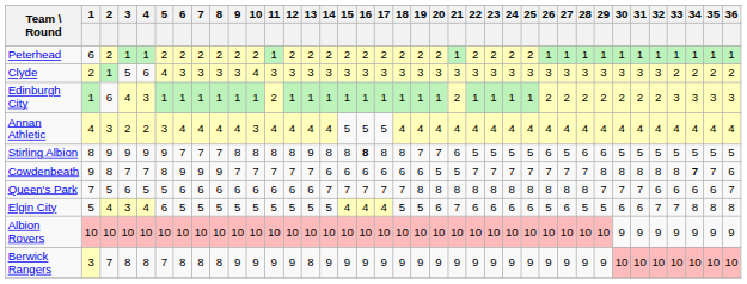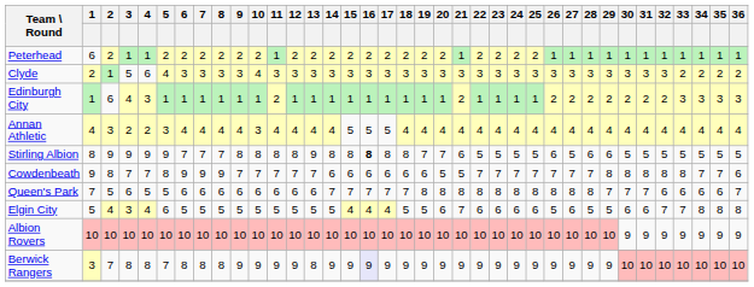 <table class="wikitable sortable" style="font-size: 85%; text-align:center;">
 <tr>
 <th rowspan="2">Team \ Round</th>
 <th align=center>1</th>
 <th align=center>2</th>
 <th align=center>3</th>
 <th align=center>4</th>
 <th align=center>5</th>
 <th align=center>6</th>
 <th align=center>7</th>
 <th align=center>8</th>
 <th align=center>9</th>
 <th align=center>10</th>
 <th align=center>11</th>
 <th align=center>12</th>
 <th align=center>13</th>
 <th align=center>14</th>
 <th align=center>15</th>
 <th align=center>16</th>
 <th align=center>17</th>
 <th align=center>18</th>
 <th align=center>19</th>
 <th align=center>20</th>
 <th align=center>21</th>
 <th align=center>22</th>
 <th align=center>23</th>
 <th align=center>24</th>
 <th align=center>25</th>
 <th align=center>26</th>
 <th align=center>27</th>
 <th align=center>28</th>
 <th align=center>29</th>
 <th align=center>30</th>
 <th align=center>31</th>
 <th align=center>32</th>
 <th align=center>33</th>
 <th align=center>34</th>
 <th align=center>35</th>
 <th align=center>36</th>
 </tr>
 <tr>
 <th style="text-align:center; height:20px;"></th>
 <th align=center></th>
 <th align=center></th>
 <th align=center></th>
 <th align=center></th>
 <th align=center></th>
 <th align=center></th>
 <th align=center></th>
 <th align=center></th>
 <th align=center></th>
 <th align=center></th>
 <th align=center></th>
 <th align=center></th>
 <th align=center></th>
 <th align=center></th>
 <th align=center></th>
 <th align=center></th>
 <th align=center></th>
 <th align=center></th>
 <th align=center></th>
 <th align=center></th>
 <th align=center></th>
 <th align=center></th>
 <th align=center></th>
 <th align=center></th>
 <th align=center></th>
 <th align=center></th>
 <th align=center></th>
 <th align=center></th>
 <th align=center></th>
 <th align=center></th>
 <th align=center></th>
 <th align=center></th>
 <th align=center></th>
 <th align=center></th>
 <th align=center></th>
 </tr>
 <tr align=center>
 <td align=left><a href='#'>Peterhead</a></td>
 <td>6</td>
 <td style="background:#FFFFBB">2</td>
 <td style="background:#BBF3BB">1</td>
 <td style="background:#BBF3BB">1</td>
 <td style="background:#FFFFBB">2</td>
 <td style="background:#FFFFBB">2</td>
 <td style="background:#FFFFBB">2</td>
 <td style="background:#FFFFBB">2</td>
 <td style="background:#FFFFBB">2</td>
 <td style="background:#FFFFBB">2</td>
 <td style="background:#BBF3BB">1</td>
 <td style="background:#FFFFBB">2</td>
 <td style="background:#FFFFBB">2</td>
 <td style="background:#FFFFBB">2</td>
 <td style="background:#FFFFBB">2</td>
 <td style="background:#FFFFBB">2</td>
 <td style="background:#FFFFBB">2</td>
 <td style="background:#FFFFBB">2</td>
 <td style="background:#FFFFBB">2</td>
 <td style="background:#FFFFBB">2</td>
 <td style="background:#BBF3BB">1</td>
 <td style="background:#FFFFBB">2</td>
 <td style="background:#FFFFBB">2</td>
 <td style="background:#FFFFBB">2</td>
 <td style="background:#FFFFBB">2</td>
 <td style="background:#BBF3BB">1</td>
 <td style="background:#BBF3BB">1</td>
 <td style="background:#BBF3BB">1</td>
 <td style="background:#BBF3BB">1</td>
 <td style="background:#BBF3BB">1</td>
 <td style="background:#BBF3BB">1</td>
 <td style="background:#BBF3BB">1</td>
 <td style="background:#BBF3BB">1</td>
 <td style="background:#BBF3BB">1</td>
 <td style="background:#BBF3BB">1</td>
 <td style="background:#BBF3BB">1</td>
 </tr>
 <tr align=center>
 <td align=left><a href='#'>Clyde</a></td>
 <td style="background:#FFFFBB">2</td>
 <td style="background:#BBF3BB">1</td>
 <td>5</td>
 <td>6</td>
 <td style="background:#FFFFBB">4</td>
 <td style="background:#FFFFBB">3</td>
 <td style="background:#FFFFBB">3</td>
 <td style="background:#FFFFBB">3</td>
 <td style="background:#FFFFBB">3</td>
 <td style="background:#FFFFBB">4</td>
 <td style="background:#FFFFBB">3</td>
 <td style="background:#FFFFBB">3</td>
 <td style="background:#FFFFBB">3</td>
 <td style="background:#FFFFBB">3</td>
 <td style="background:#FFFFBB">3</td>
 <td style="background:#FFFFBB">3</td>
 <td style="background:#FFFFBB">3</td>
 <td style="background:#FFFFBB">3</td>
 <td style="background:#FFFFBB">3</td>
 <td style="background:#FFFFBB">3</td>
 <td style="background:#FFFFBB">3</td>
 <td style="background:#FFFFBB">3</td>
 <td style="background:#FFFFBB">3</td>
 <td style="background:#FFFFBB">3</td>
 <td style="background:#FFFFBB">3</td>
 <td style="background:#FFFFBB">3</td>
 <td style="background:#FFFFBB">3</td>
 <td style="background:#FFFFBB">3</td>
 <td style="background:#FFFFBB">3</td>
 <td style="background:#FFFFBB">3</td>
 <td style="background:#FFFFBB">3</td>
 <td style="background:#FFFFBB">3</td>
 <td style="background:#FFFFBB">2</td>
 <td style="background:#FFFFBB">2</td>
 <td style="background:#FFFFBB">2</td>
 <td style="background:#FFFFBB">2</td>
 </tr>
 <tr align=center>
 <td align=left><a href='#'>Edinburgh City</a></td>
 <td style="background:#BBF3BB">1</td>
 <td>6</td>
 <td style="background:#FFFFBB">4</td>
 <td style="background:#FFFFBB">3</td>
 <td style="background:#BBF3BB">1</td>
 <td style="background:#BBF3BB">1</td>
 <td style="background:#BBF3BB">1</td>
 <td style="background:#BBF3BB">1</td>
 <td style="background:#BBF3BB">1</td>
 <td style="background:#BBF3BB">1</td>
 <td style="background:#FFFFBB">2</td>
 <td style="background:#BBF3BB">1</td>
 <td style="background:#BBF3BB">1</td>
 <td style="background:#BBF3BB">1</td>
 <td style="background:#BBF3BB">1</td>
 <td style="background:#BBF3BB">1</td>
 <td style="background:#BBF3BB">1</td>
 <td style="background:#BBF3BB">1</td>
 <td style="background:#BBF3BB">1</td>
 <td style="background:#BBF3BB">1</td>
 <td style="background:#FFFFBB">2</td>
 <td style="background:#BBF3BB">1</td>
 <td style="background:#BBF3BB">1</td>
 <td style="background:#BBF3BB">1</td>
 <td style="background:#BBF3BB">1</td>
 <td style="background:#FFFFBB">2</td>
 <td style="background:#FFFFBB">2</td>
 <td style="background:#FFFFBB">2</td>
 <td style="background:#FFFFBB">2</td>
 <td style="background:#FFFFBB">2</td>
 <td style="background:#FFFFBB">2</td>
 <td style="background:#FFFFBB">2</td>
 <td style="background:#FFFFBB">3</td>
 <td style="background:#FFFFBB">3</td>
 <td style="background:#FFFFBB">3</td>
 <td style="background:#FFFFBB">3</td>
 </tr>
 <tr align=center>
 <td align=left><a href='#'>Annan Athletic</a></td>
 <td style="background:#FFFFBB">4</td>
 <td style="background:#FFFFBB">3</td>
 <td style="background:#FFFFBB">2</td>
 <td style="background:#FFFFBB">2</td>
 <td style="background:#FFFFBB">3</td>
 <td style="background:#FFFFBB">4</td>
 <td style="background:#FFFFBB">4</td>
 <td style="background:#FFFFBB">4</td>
 <td style="background:#FFFFBB">4</td>
 <td style="background:#FFFFBB">3</td>
 <td style="background:#FFFFBB">4</td>
 <td style="background:#FFFFBB">4</td>
 <td style="background:#FFFFBB">4</td>
 <td style="background:#FFFFBB">4</td>
 <td>5</td>
 <td>5</td>
 <td>5</td>
 <td style="background:#FFFFBB">4</td>
 <td style="background:#FFFFBB">4</td>
 <td style="background:#FFFFBB">4</td>
 <td style="background:#FFFFBB">4</td>
 <td style="background:#FFFFBB">4</td>
 <td style="background:#FFFFBB">4</td>
 <td style="background:#FFFFBB">4</td>
 <td style="background:#FFFFBB">4</td>
 <td style="background:#FFFFBB">4</td>
 <td style="background:#FFFFBB">4</td>
 <td style="background:#FFFFBB">4</td>
 <td style="background:#FFFFBB">4</td>
 <td style="background:#FFFFBB">4</td>
 <td style="background:#FFFFBB">4</td>
 <td style="background:#FFFFBB">4</td>
 <td style="background:#FFFFBB">4</td>
 <td style="background:#FFFFBB">4</td>
 <td style="background:#FFFFBB">4</td>
 <td style="background:#FFFFBB">4</td>
 </tr>
 <tr align=center>
 <td align=left><a href='#'>Stirling Albion</a></td>
 <td>8</td>
 <td>9</td>
 <td>9</td>
 <td>9</td>
 <td>9</td>
 <td>7</td>
 <td>7</td>
 <td>7</td>
 <td>8</td>
 <td>8</td>
 <td>8</td>
 <td>8</td>
 <td>9</td>
 <td>8</td>
 <td>8</td>
 <td><strong>8</strong></td>
 <td>8</td>
 <td>8</td>
 <td>7</td>
 <td>7</td>
 <td>6</td>
 <td>5</td>
 <td>5</td>
 <td>5</td>
 <td>5</td>
 <td>6</td>
 <td>5</td>
 <td>6</td>
 <td>6</td>
 <td>5</td>
 <td>5</td>
 <td>5</td>
 <td>5</td>
 <td>5</td>
 <td>5</td>
 <td>5</td>
 </tr>
 <tr align=center>
 <td align=left><a href='#'>Cowdenbeath</a></td>
 <td>9</td>
 <td>8</td>
 <td>7</td>
 <td>7</td>
 <td>8</td>
 <td>9</td>
 <td>9</td>
 <td>9</td>
 <td>7</td>
 <td>7</td>
 <td>7</td>
 <td>7</td>
 <td>7</td>
 <td>6</td>
 <td>6</td>
 <td>6</td>
 <td>6</td>
 <td>6</td>
 <td>6</td>
 <td>5</td>
 <td>5</td>
 <td>7</td>
 <td>7</td>
 <td>7</td>
 <td>7</td>
 <td>7</td>
 <td>7</td>
 <td>7</td>
 <td>8</td>
 <td>8</td>
 <td>8</td>
 <td>8</td>
 <td>8</td>
-<td><strong>7</strong></td>
+<td>7</td>
 <td>7</td>
 <td>6</td>
 </tr>
 <tr align=center>
 <td align=left><a href='#'>Queen's Park</a></td>
 <td>7</td>
 <td>5</td>
 <td>6</td>
 <td>5</td>
 <td>5</td>
 <td>6</td>
 <td>6</td>
 <td>6</td>
 <td>6</td>
 <td>6</td>
 <td>6</td>
 <td>6</td>
 <td>6</td>
 <td>7</td>
 <td>7</td>
 <td>7</td>
 <td>7</td>
 <td>7</td>
 <td>8</td>
 <td>8</td>
 <td>8</td>
 <td>8</td>
 <td>8</td>
 <td>8</td>
 <td>8</td>
 <td>8</td>
 <td>8</td>
 <td>8</td>
 <td>7</td>
 <td>7</td>
 <td>7</td>
 <td>6</td>
 <td>6</td>
 <td>6</td>
 <td>6</td>
 <td>7</td>
 </tr>
 <tr align=center>
 <td align=left><a href='#'>Elgin City</a></td>
 <td>5</td>
 <td style="background:#FFFFBB">4</td>
 <td style="background:#FFFFBB">3</td>
 <td style="background:#FFFFBB">4</td>
 <td>6</td>
 <td>5</td>
 <td>5</td>
 <td>5</td>
 <td>5</td>
 <td>5</td>
 <td>5</td>
 <td>5</td>
 <td>5</td>
 <td>5</td>
 <td style="background:#FFFFBB">4</td>
 <td style="background:#FFFFBB">4</td>
 <td style="background:#FFFFBB">4</td>
 <td>5</td>
 <td>5</td>
 <td>6</td>
 <td>7</td>
 <td>6</td>
 <td>6</td>
 <td>6</td>
 <td>6</td>
 <td>5</td>
 <td>6</td>
 <td>5</td>
 <td>5</td>
 <td>6</td>
 <td>6</td>
 <td>7</td>
 <td>7</td>
 <td>8</td>
 <td>8</td>
 <td>8</td>
 </tr>
 <tr align=center>
 <td align=left><a href='#'>Albion Rovers</a></td>
 <td style="background:#FFBBBB">10</td>
 <td style="background:#FFBBBB">10</td>
 <td style="background:#FFBBBB">10</td>
 <td style="background:#FFBBBB">10</td>
 <td style="background:#FFBBBB">10</td>
 <td style="background:#FFBBBB">10</td>
 <td style="background:#FFBBBB">10</td>
 <td style="background:#FFBBBB">10</td>
 <td style="background:#FFBBBB">10</td>
 <td style="background:#FFBBBB">10</td>
 <td style="background:#FFBBBB">10</td>
 <td style="background:#FFBBBB">10</td>
 <td style="background:#FFBBBB">10</td>
 <td style="background:#FFBBBB">10</td>
 <td style="background:#FFBBBB">10</td>
 <td style="background:#FFBBBB">10</td>
 <td style="background:#FFBBBB">10</td>
 <td style="background:#FFBBBB">10</td>
 <td style="background:#FFBBBB">10</td>
 <td style="background:#FFBBBB">10</td>
 <td style="background:#FFBBBB">10</td>
 <td style="background:#FFBBBB">10</td>
 <td style="background:#FFBBBB">10</td>
 <td style="background:#FFBBBB">10</td>
 <td style="background:#FFBBBB">10</td>
 <td style="background:#FFBBBB">10</td>
 <td style="background:#FFBBBB">10</td>
 <td style="background:#FFBBBB">10</td>
 <td style="background:#FFBBBB">10</td>
 <td>9</td>
 <td>9</td>
 <td>9</td>
 <td>9</td>
 <td>9</td>
 <td>9</td>
 <td>9</td>
 </tr>
 <tr align=center>
 <td align=left><a href='#'>Berwick Rangers</a></td>
 <td style="background:#FFFFBB">3</td>
 <td>7</td>
 <td>8</td>
 <td>8</td>
 <td>7</td>
 <td>8</td>
 <td>8</td>
 <td>8</td>
 <td>9</td>
 <td>9</td>
 <td>9</td>
 <td>9</td>
 <td>8</td>
 <td>9</td>
 <td>9</td>
-<td>9</td>
+<td style="background: lavender;">9</td>
 <td>9</td>
 <td>9</td>
 <td>9</td>
 <td>9</td>
 <td>9</td>
 <td>9</td>
 <td>9</td>
 <td>9</td>
 <td>9</td>
 <td>9</td>
 <td>9</td>
 <td>9</td>
 <td>9</td>
 <td style="background:#FFBBBB">10</td>
 <td style="background:#FFBBBB">10</td>
 <td style="background:#FFBBBB">10</td>
 <td style="background:#FFBBBB">10</td>
 <td style="background:#FFBBBB">10</td>
 <td style="background:#FFBBBB">10</td>
 <td style="background:#FFBBBB">10</td>
 </tr>
 <tr>
 </tr>
 </table>
